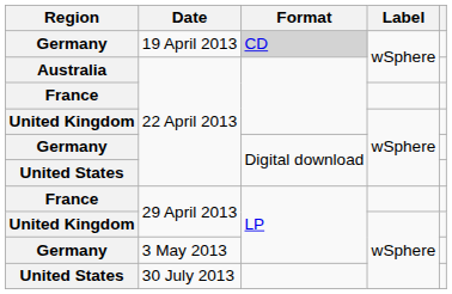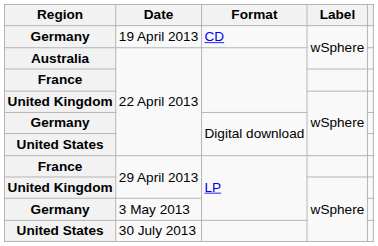 <table class="wikitable plainrowheaders">
 <tr>
 <th scope="col">Region</th>
 <th scope="col">Date</th>
 <th scope="col">Format</th>
 <th scope="col">Label</th>
 <th scope="col"></th>
 </tr>
 <tr>
 <th scope="row">Germany</th>
 <td>19 April 2013</td>
-<td style="background: lightgrey;"><a href='#'>CD</a></td>
+<td><a href='#'>CD</a></td>
 <td rowspan="2">wSphere</td>
 <td align="center"></td>
 </tr>
 <tr>
 <th scope="row">Australia</th>
 <td rowspan="5">22 April 2013</td>
 <td rowspan="3"></td>
 <td align="center"></td>
 </tr>
 <tr>
 <th scope="row">France</th>
 <td></td>
 <td align="center"></td>
 </tr>
 <tr>
 <th scope="row">United Kingdom</th>
 <td rowspan="3">wSphere</td>
 <td align="center"></td>
 </tr>
 <tr>
 <th scope="row">Germany</th>
 <td rowspan="2">Digital download</td>
 <td align="center"></td>
 </tr>
 <tr>
 <th scope="row">United States</th>
 <td align="center"></td>
 </tr>
 <tr>
 <th scope="row">France</th>
 <td rowspan="2">29 April 2013</td>
 <td rowspan="3"><a href='#'>LP</a></td>
 <td></td>
 <td align="center"></td>
 </tr>
 <tr>
 <th scope="row">United Kingdom</th>
 <td rowspan="3">wSphere</td>
 <td align="center"></td>
 </tr>
 <tr>
 <th scope="row">Germany</th>
 <td>3 May 2013</td>
 <td align="center"></td>
 </tr>
 <tr>
 <th scope="row">United States</th>
 <td>30 July 2013</td>
 <td></td>
 <td align="center"></td>
 </tr>
 </table>
